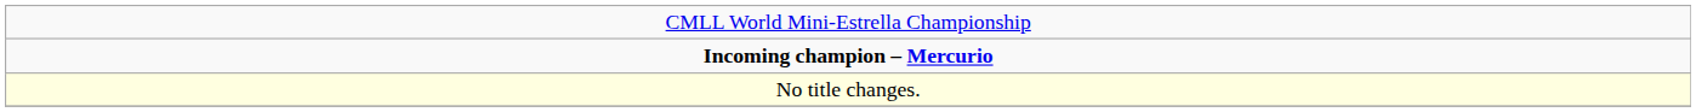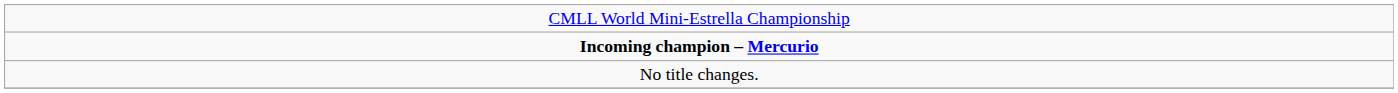 <table class="wikitable" style="text-align:center; width:100%;">
 <tr>
 <td colspan="5" style="text-align: center;"><a href='#'>CMLL World Mini-Estrella Championship</a></td>
 </tr>
 <tr>
 <td colspan="5" style="text-align: center;"><strong>Incoming champion – <a href='#'>Mercurio</a></strong></td>
 </tr>
 <tr>
-<td style="background: lightyellow;">No title changes.</td>
+<td>No title changes.</td>
 </tr>
 <tr>
 </tr>
 </table>
